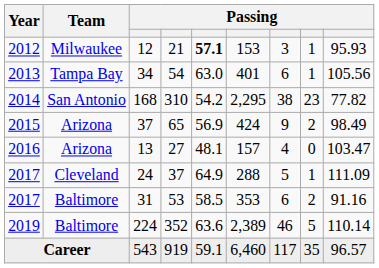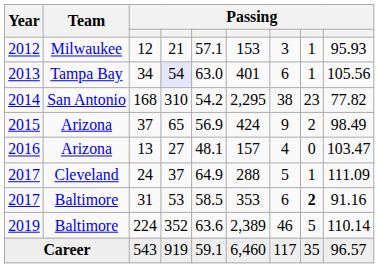 <table class="wikitable" style="text-align:center">
 <tr>
 <th rowspan=2>Year</th>
 <th rowspan=2>Team</th>
 <th colspan=7>Passing</th>
 </tr>
 <tr>
 <th></th>
 <th></th>
 <th></th>
 <th></th>
 <th></th>
 <th></th>
 <th></th>
 </tr>
 <tr>
 <td><a href='#'>2012</a></td>
 <td><a href='#'>Milwaukee</a></td>
 <td>12</td>
 <td>21</td>
-<td><strong>57.1</strong></td>
+<td>57.1</td>
 <td>153</td>
 <td>3</td>
 <td>1</td>
 <td>95.93</td>
 </tr>
 <tr>
 <td><a href='#'>2013</a></td>
 <td><a href='#'>Tampa Bay</a></td>
 <td>34</td>
-<td>54</td>
+<td style="background: lavender;">54</td>
 <td>63.0</td>
 <td>401</td>
 <td>6</td>
 <td>1</td>
 <td>105.56</td>
 </tr>
 <tr>
 <td><a href='#'>2014</a></td>
 <td><a href='#'>San Antonio</a></td>
 <td>168</td>
 <td>310</td>
 <td>54.2</td>
 <td>2,295</td>
 <td>38</td>
 <td>23</td>
 <td>77.82</td>
 </tr>
 <tr>
 <td><a href='#'>2015</a></td>
 <td><a href='#'>Arizona</a></td>
 <td>37</td>
 <td>65</td>
 <td>56.9</td>
 <td>424</td>
 <td>9</td>
 <td>2</td>
 <td>98.49</td>
 </tr>
 <tr>
 <td><a href='#'>2016</a></td>
 <td><a href='#'>Arizona</a></td>
 <td>13</td>
 <td>27</td>
 <td>48.1</td>
 <td>157</td>
 <td>4</td>
 <td>0</td>
 <td>103.47</td>
 </tr>
 <tr>
 <td><a href='#'>2017</a></td>
 <td><a href='#'>Cleveland</a></td>
 <td>24</td>
 <td>37</td>
 <td>64.9</td>
 <td>288</td>
 <td>5</td>
 <td>1</td>
 <td>111.09</td>
 </tr>
 <tr>
 <td><a href='#'>2017</a></td>
 <td><a href='#'>Baltimore</a></td>
 <td>31</td>
 <td>53</td>
 <td>58.5</td>
 <td>353</td>
 <td>6</td>
-<td>2</td>
+<td><strong>2</strong></td>
 <td>91.16</td>
 </tr>
 <tr>
 <td><a href='#'>2019</a></td>
 <td><a href='#'>Baltimore</a></td>
 <td>224</td>
 <td>352</td>
 <td>63.6</td>
 <td>2,389</td>
 <td>46</td>
 <td>5</td>
 <td>110.14</td>
 </tr>
 <tr class="sortbottom" style="background:#eee;">
 <td colspan=2><strong>Career</strong></td>
 <td>543</td>
 <td>919</td>
 <td>59.1</td>
 <td>6,460</td>
 <td>117</td>
 <td>35</td>
 <td>96.57</td>
 </tr>
 </table>
